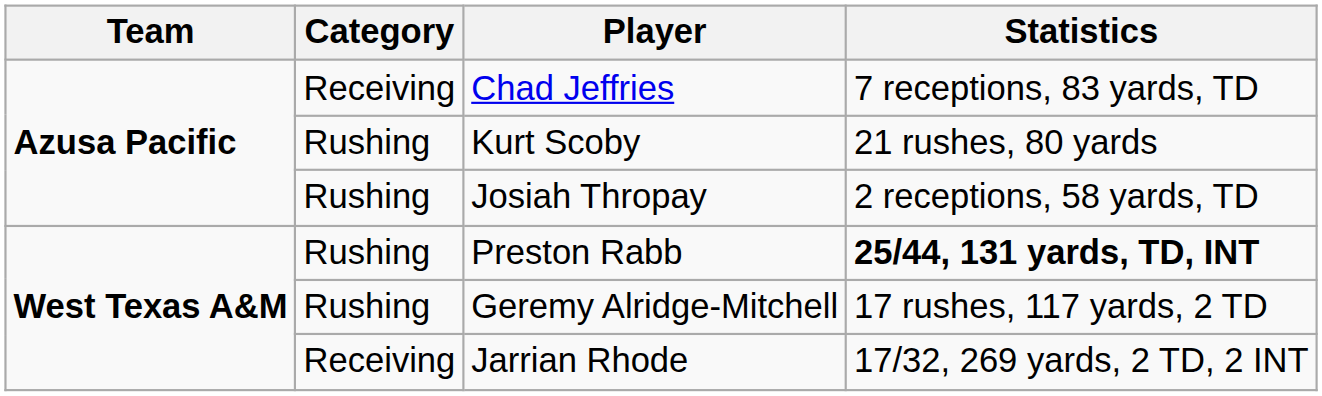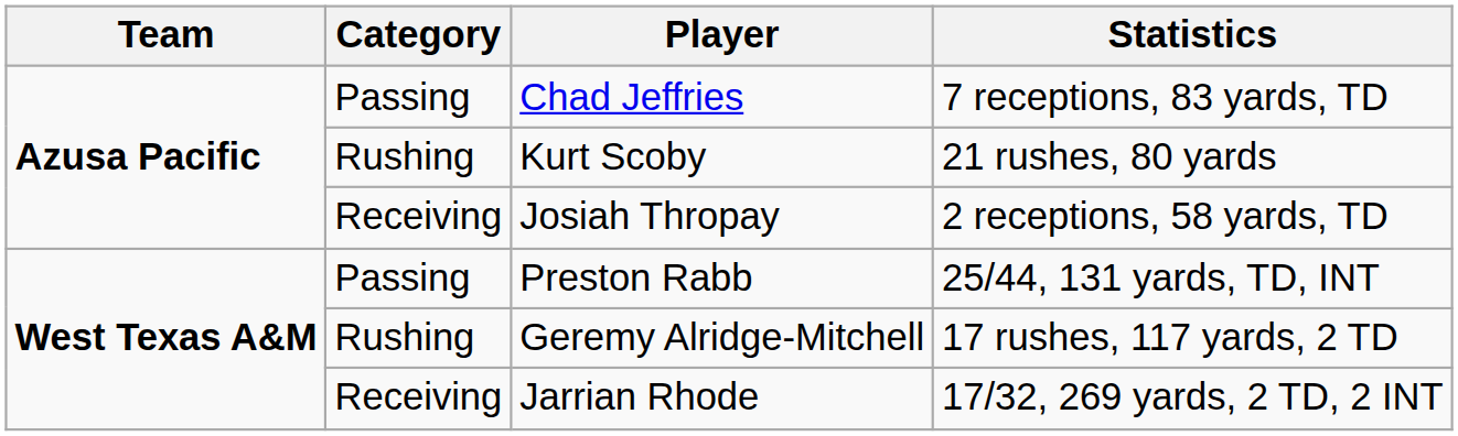 <table class="wikitable" style="float: right;">
 <tr>
 <th>Team</th>
 <th>Category</th>
 <th>Player</th>
 <th>Statistics</th>
 </tr>
 <tr>
 <td rowspan=3><strong>Azusa Pacific</strong></td>
-<td>Receiving</td>
+<td>Passing</td>
 <td><a href='#'>Chad Jeffries</a></td>
 <td>7 receptions, 83 yards, TD</td>
 </tr>
 <tr>
 <td>Rushing</td>
 <td>Kurt Scoby</td>
 <td>21 rushes, 80 yards</td>
 </tr>
 <tr>
-<td>Rushing</td>
+<td>Receiving</td>
 <td>Josiah Thropay</td>
 <td>2 receptions, 58 yards, TD</td>
 </tr>
 <tr>
 <td rowspan=3><strong>West Texas A&M</strong></td>
-<td>Rushing</td>
+<td>Passing</td>
 <td>Preston Rabb</td>
-<td><strong>25/44, 131 yards, TD, INT</strong></td>
+<td>25/44, 131 yards, TD, INT</td>
 </tr>
 <tr>
 <td>Rushing</td>
 <td>Geremy Alridge-Mitchell</td>
 <td>17 rushes, 117 yards, 2 TD</td>
 </tr>
 <tr>
 <td>Receiving</td>
 <td>Jarrian Rhode</td>
 <td>17/32, 269 yards, 2 TD, 2 INT</td>
 </tr>
 </table>
